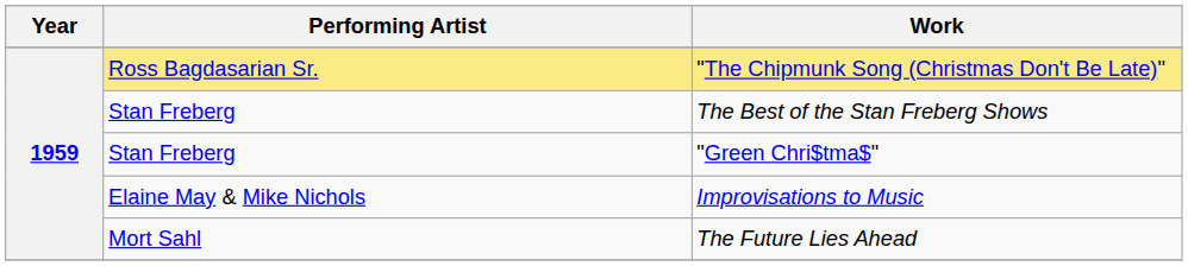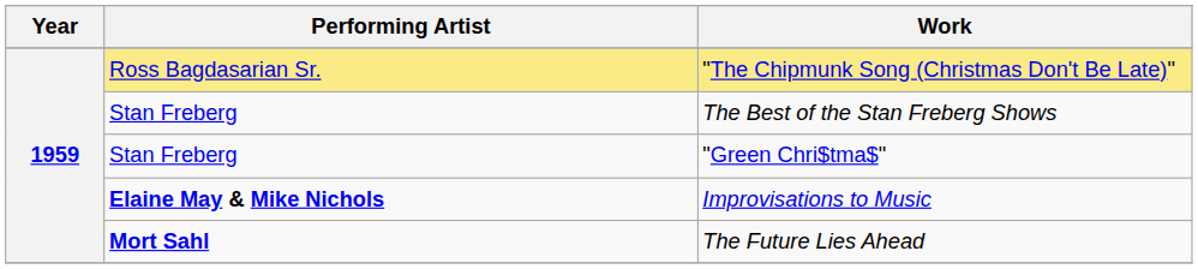 <table class="wikitable" style="font-size:1.00em; line-height:1.5em;">
 <tr bgcolor="#bebebe">
 </tr>
 <tr bgcolor="#bebebe">
 <th width="5%">Year</th>
 <th width="30%">Performing Artist</th>
 <th width="25%">Work</th>
 </tr>
 <tr>
 </tr>
 <tr style="background:#FAEB86;">
 <th rowspan=5, style="text-align:center;"><a href='#'>1959</a> <br></th>
 <td><a href='#'>Ross Bagdasarian Sr.</a></td>
 <td>"<a href='#'>The Chipmunk Song (Christmas Don't Be Late)</a>"</td>
 </tr>
 <tr>
 <td><a href='#'>Stan Freberg</a></td>
 <td><em>The Best of the Stan Freberg Shows</em></td>
 </tr>
 <tr>
 <td><a href='#'>Stan Freberg</a></td>
 <td>"<a href='#'>Green Chri$tma$</a>"</td>
 </tr>
 <tr>
-<td><a href='#'>Elaine May</a> & <a href='#'>Mike Nichols</a></td>
+<td><strong><a href='#'>Elaine May</a> & <a href='#'>Mike Nichols</a></strong></td>
 <td><em><a href='#'>Improvisations to Music</a></em></td>
 </tr>
 <tr>
-<td><a href='#'>Mort Sahl</a></td>
+<td><strong><a href='#'>Mort Sahl</a></strong></td>
 <td><em>The Future Lies Ahead</em></td>
 </tr>
 <tr>
 </tr>
 </table>
